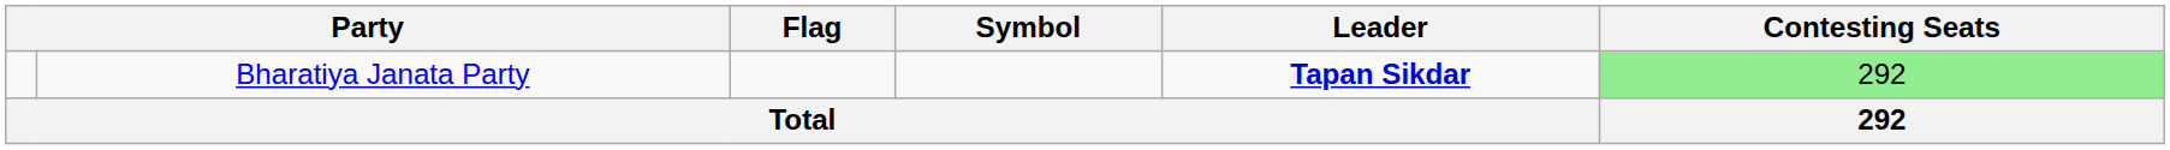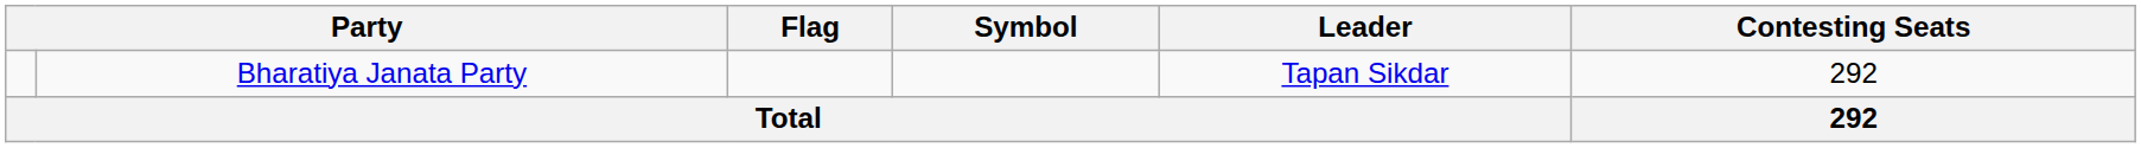 <table class="wikitable" width="60%" style="text-align:center">
 <tr>
 <th colspan="2">Party</th>
 <th>Flag</th>
 <th>Symbol</th>
 <th>Leader</th>
 <th>Contesting Seats</th>
 </tr>
 <tr>
 <td></td>
 <td><a href='#'>Bharatiya Janata Party</a></td>
 <td></td>
 <td></td>
-<td><strong><a href='#'>Tapan Sikdar</a></strong></td>
-<td style="background: lightgreen;">292</td>
+<td><a href='#'>Tapan Sikdar</a></td>
+<td>292</td>
 </tr>
 <tr>
 <th colspan=5>Total</th>
 <th>292</th>
 </tr>
 </table>
